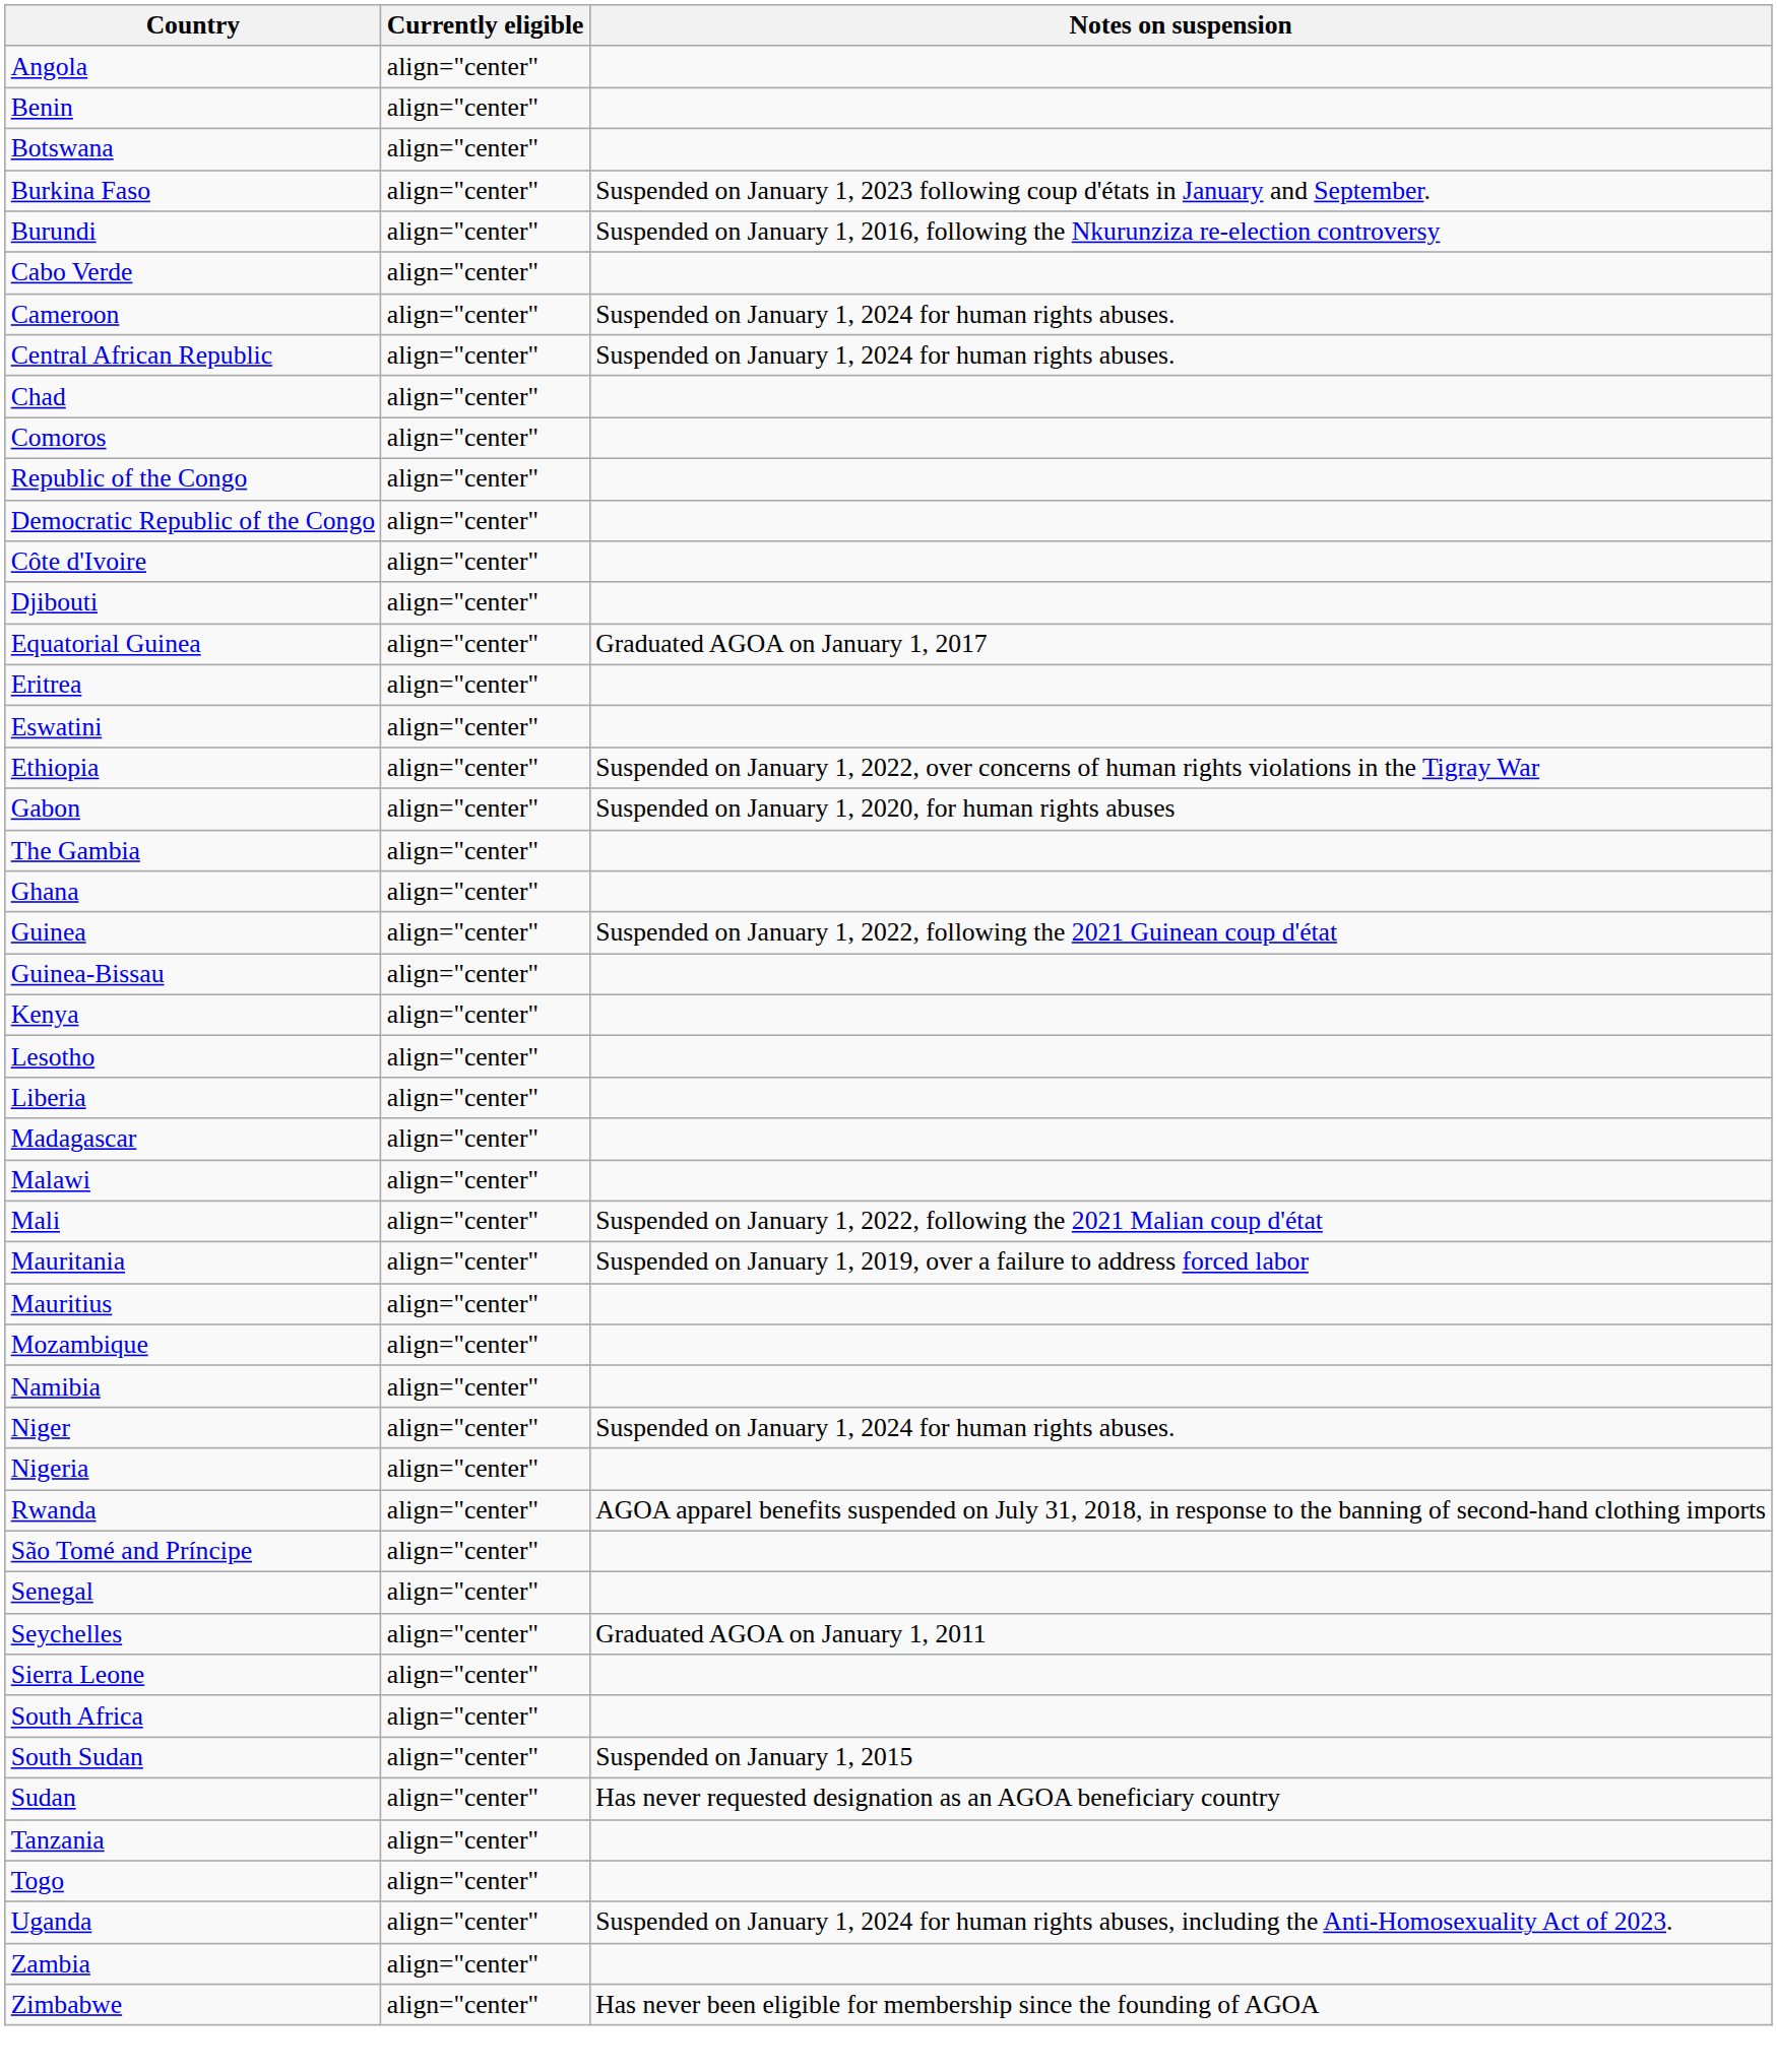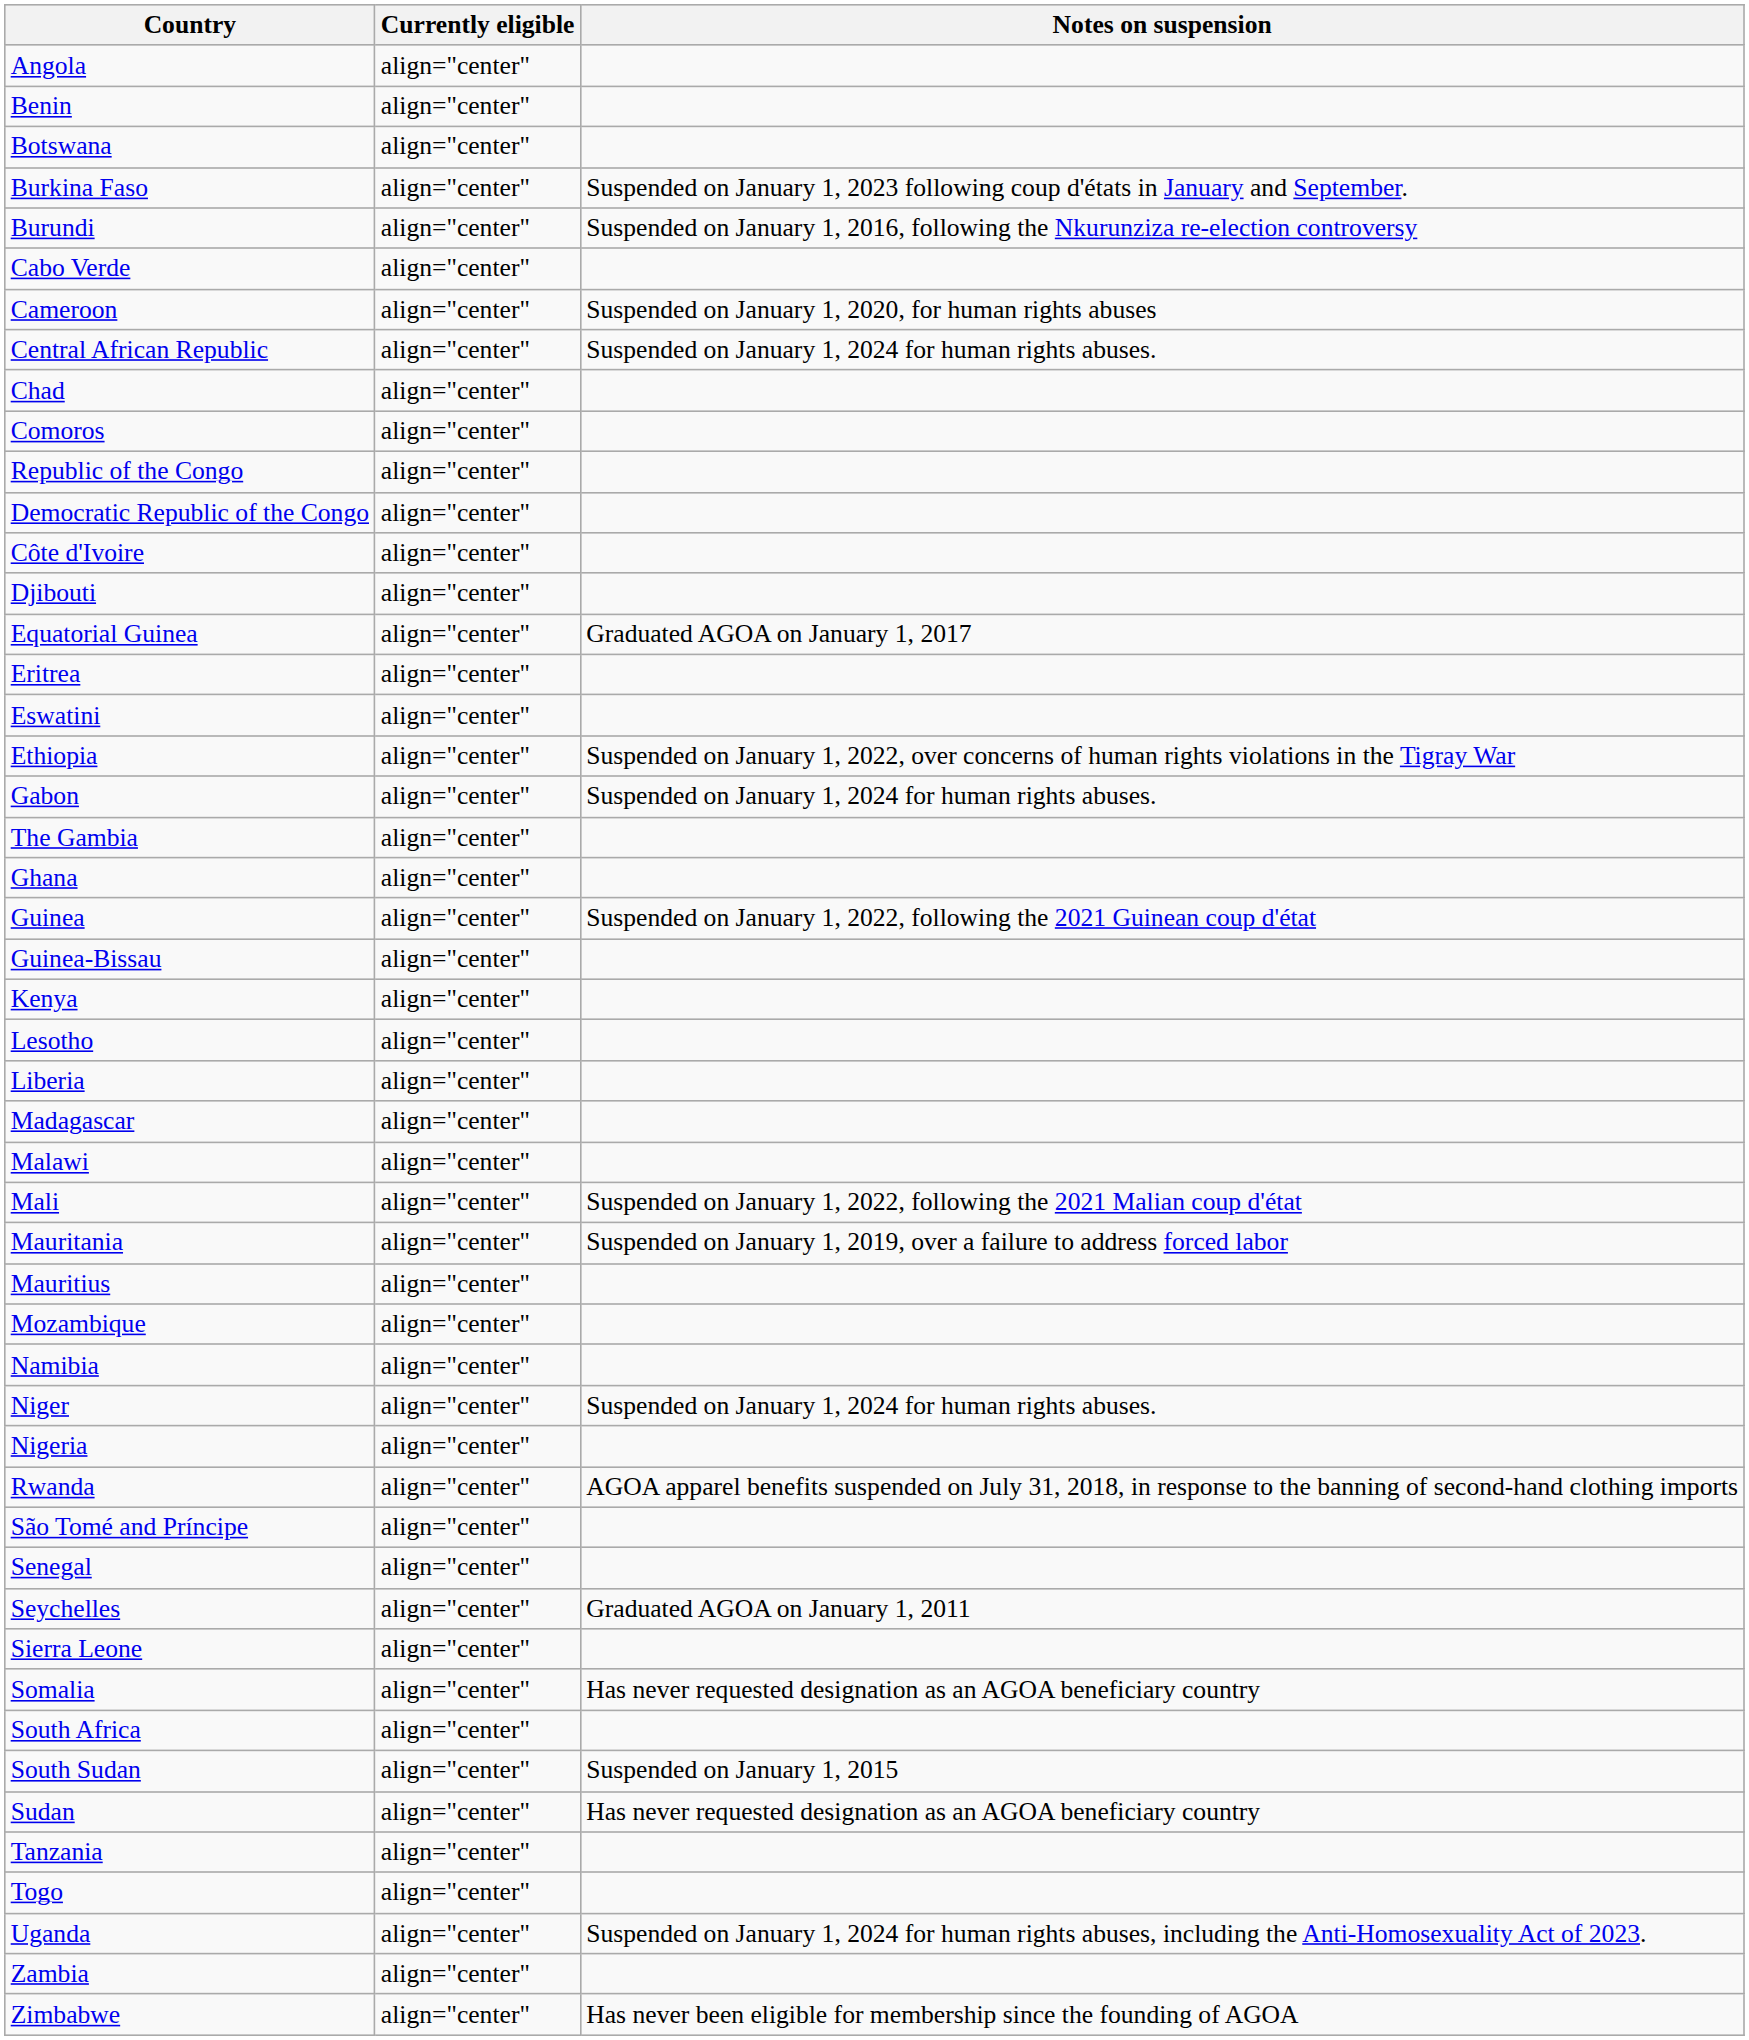 <table class="wikitable sortable" style="text-align:left">
 <tr>
 <th>Country</th>
 <th>Currently eligible</th>
 <th>Notes on suspension</th>
 </tr>
 <tr>
 <td> <a href='#'>Angola</a></td>
 <td>align="center"</td>
 <td></td>
 </tr>
 <tr>
 <td> <a href='#'>Benin</a></td>
 <td>align="center"</td>
 <td></td>
 </tr>
 <tr>
 <td> <a href='#'>Botswana</a></td>
 <td>align="center"</td>
 <td></td>
 </tr>
 <tr>
 <td> <a href='#'>Burkina Faso</a></td>
 <td>align="center"</td>
 <td>Suspended on January 1, 2023 following coup d'états in <a href='#'>January</a> and <a href='#'>September</a>.</td>
 </tr>
 <tr>
 <td> <a href='#'>Burundi</a></td>
 <td>align="center"</td>
 <td>Suspended on January 1, 2016, following the <a href='#'>Nkurunziza re-election controversy</a></td>
 </tr>
 <tr>
 <td> <a href='#'>Cabo Verde</a></td>
 <td>align="center"</td>
 <td></td>
 </tr>
 <tr>
 <td> <a href='#'>Cameroon</a></td>
 <td>align="center"</td>
-<td>Suspended on January 1, 2024 for human rights abuses.</td>
+<td>Suspended on January 1, 2020, for human rights abuses</td>
 </tr>
 <tr>
 <td> <a href='#'>Central African Republic</a></td>
 <td>align="center"</td>
 <td>Suspended on January 1, 2024 for human rights abuses.</td>
 </tr>
 <tr>
 <td> <a href='#'>Chad</a></td>
 <td>align="center"</td>
 <td></td>
 </tr>
 <tr>
 <td> <a href='#'>Comoros</a></td>
 <td>align="center"</td>
 <td></td>
 </tr>
 <tr>
 <td> <a href='#'>Republic of the Congo</a></td>
 <td>align="center"</td>
 <td></td>
 </tr>
 <tr>
 <td> <a href='#'>Democratic Republic of the Congo</a></td>
 <td>align="center"</td>
 <td></td>
 </tr>
 <tr>
 <td> <a href='#'>Côte d'Ivoire</a></td>
 <td>align="center"</td>
 <td></td>
 </tr>
 <tr>
 <td> <a href='#'>Djibouti</a></td>
 <td>align="center"</td>
 <td></td>
 </tr>
 <tr>
 <td> <a href='#'>Equatorial Guinea</a></td>
 <td>align="center"</td>
 <td>Graduated AGOA on January 1, 2017</td>
 </tr>
 <tr>
 <td> <a href='#'>Eritrea</a></td>
 <td>align="center"</td>
 <td></td>
 </tr>
 <tr>
 <td> <a href='#'>Eswatini</a></td>
 <td>align="center"</td>
 <td></td>
 </tr>
 <tr>
 <td> <a href='#'>Ethiopia</a></td>
 <td>align="center"</td>
 <td>Suspended on January 1, 2022, over concerns of human rights violations in the <a href='#'>Tigray War</a></td>
 </tr>
 <tr>
 <td> <a href='#'>Gabon</a></td>
 <td>align="center"</td>
-<td>Suspended on January 1, 2020, for human rights abuses</td>
+<td>Suspended on January 1, 2024 for human rights abuses.</td>
 </tr>
 <tr>
 <td> <a href='#'>The Gambia</a></td>
 <td>align="center"</td>
 <td></td>
 </tr>
 <tr>
 <td> <a href='#'>Ghana</a></td>
 <td>align="center"</td>
 <td></td>
 </tr>
 <tr>
 <td> <a href='#'>Guinea</a></td>
 <td>align="center"</td>
 <td>Suspended on January 1, 2022, following the <a href='#'>2021 Guinean coup d'état</a></td>
 </tr>
 <tr>
 <td> <a href='#'>Guinea-Bissau</a></td>
 <td>align="center"</td>
 <td></td>
 </tr>
 <tr>
 <td> <a href='#'>Kenya</a></td>
 <td>align="center"</td>
 <td></td>
 </tr>
 <tr>
 <td> <a href='#'>Lesotho</a></td>
 <td>align="center"</td>
 <td></td>
 </tr>
 <tr>
 <td> <a href='#'>Liberia</a></td>
 <td>align="center"</td>
 <td></td>
 </tr>
 <tr>
 <td> <a href='#'>Madagascar</a></td>
 <td>align="center"</td>
 <td></td>
 </tr>
 <tr>
 <td> <a href='#'>Malawi</a></td>
 <td>align="center"</td>
 <td></td>
 </tr>
 <tr>
 <td> <a href='#'>Mali</a></td>
 <td>align="center"</td>
 <td>Suspended on January 1, 2022, following the <a href='#'>2021 Malian coup d'état</a></td>
 </tr>
 <tr>
 <td> <a href='#'>Mauritania</a></td>
 <td>align="center"</td>
 <td>Suspended on January 1, 2019, over a failure to address <a href='#'>forced labor</a></td>
 </tr>
 <tr>
 <td> <a href='#'>Mauritius</a></td>
 <td>align="center"</td>
 <td></td>
 </tr>
 <tr>
 <td> <a href='#'>Mozambique</a></td>
 <td>align="center"</td>
 <td></td>
 </tr>
 <tr>
 <td> <a href='#'>Namibia</a></td>
 <td>align="center"</td>
 <td></td>
 </tr>
 <tr>
 <td> <a href='#'>Niger</a></td>
 <td>align="center"</td>
 <td>Suspended on January 1, 2024 for human rights abuses.</td>
 </tr>
 <tr>
 <td> <a href='#'>Nigeria</a></td>
 <td>align="center"</td>
 <td></td>
 </tr>
 <tr>
 <td> <a href='#'>Rwanda</a></td>
 <td>align="center"</td>
 <td>AGOA apparel benefits suspended on July 31, 2018, in response to the banning of second-hand clothing imports</td>
 </tr>
 <tr>
 <td> <a href='#'>São Tomé and Príncipe</a></td>
 <td>align="center"</td>
 <td></td>
 </tr>
 <tr>
 <td> <a href='#'>Senegal</a></td>
 <td>align="center"</td>
 <td></td>
 </tr>
 <tr>
 <td> <a href='#'>Seychelles</a></td>
 <td>align="center"</td>
 <td>Graduated AGOA on January 1, 2011</td>
 </tr>
 <tr>
 <td> <a href='#'>Sierra Leone</a></td>
 <td>align="center"</td>
 <td></td>
 </tr>
 <tr>
+<td> <a href='#'>Somalia</a></td>
+<td>align="center"</td>
+<td>Has never requested designation as an AGOA beneficiary country</td>
+</tr>
+<tr>
 <td> <a href='#'>South Africa</a></td>
 <td>align="center"</td>
 <td></td>
 </tr>
 <tr>
 <td> <a href='#'>South Sudan</a></td>
 <td>align="center"</td>
 <td>Suspended on January 1, 2015</td>
 </tr>
 <tr>
 <td> <a href='#'>Sudan</a></td>
 <td>align="center"</td>
 <td>Has never requested designation as an AGOA beneficiary country</td>
 </tr>
 <tr>
 <td> <a href='#'>Tanzania</a></td>
 <td>align="center"</td>
 <td></td>
 </tr>
 <tr>
 <td> <a href='#'>Togo</a></td>
 <td>align="center"</td>
 <td></td>
 </tr>
 <tr>
 <td> <a href='#'>Uganda</a></td>
 <td>align="center"</td>
 <td>Suspended on January 1, 2024 for human rights abuses, including the <a href='#'>Anti-Homosexuality Act of 2023</a>.</td>
 </tr>
 <tr>
 <td> <a href='#'>Zambia</a></td>
 <td>align="center"</td>
 <td></td>
 </tr>
 <tr>
 <td> <a href='#'>Zimbabwe</a></td>
 <td>align="center"</td>
 <td>Has never been eligible for membership since the founding of AGOA </td>
 </tr>
 </table>
